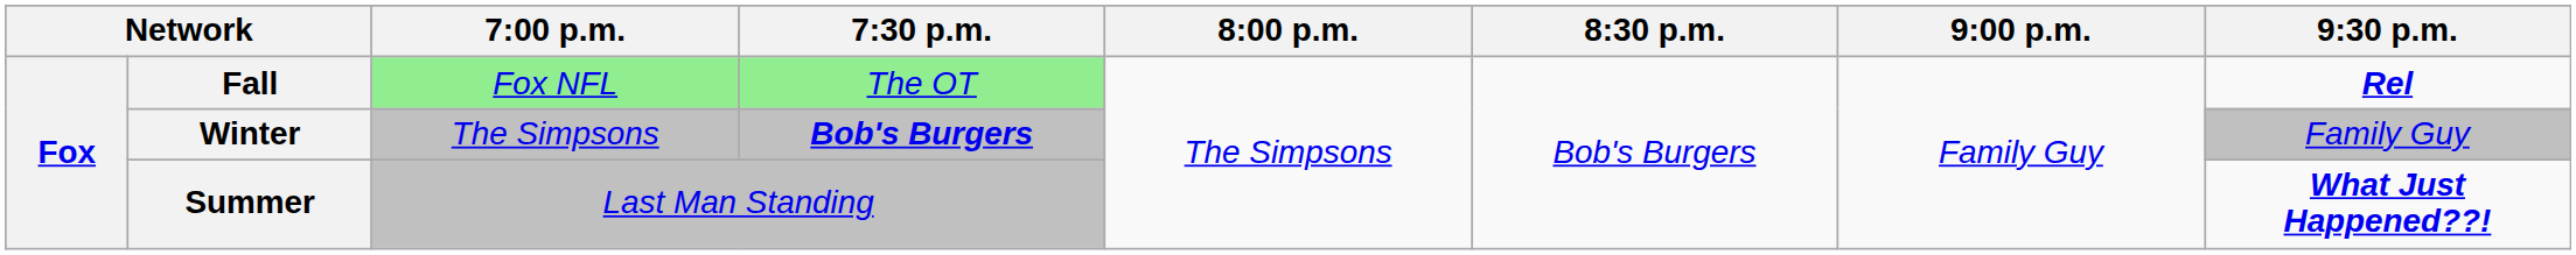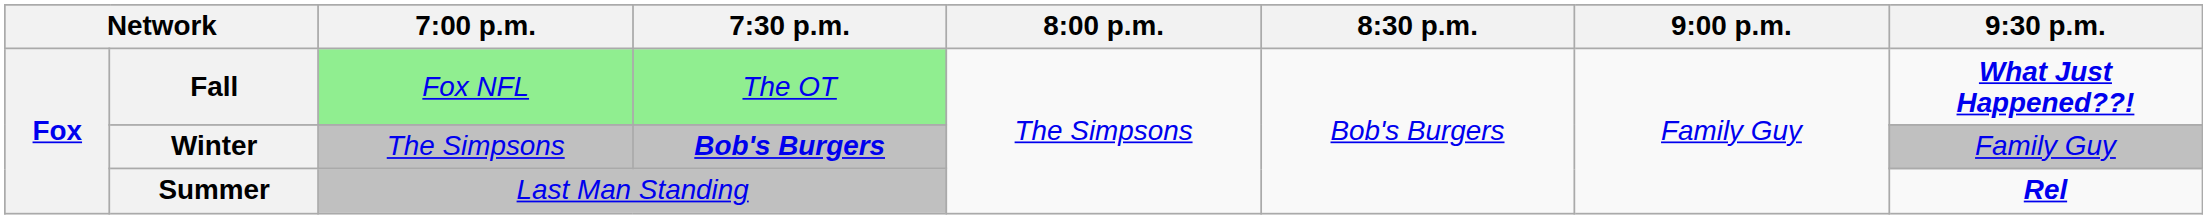 <table class="wikitable sortable" style="width:100%;margin-right:0;text-align:center">
 <tr>
 <th colspan="2" style="width:11.5%;">Network</th>
 <th style="width:11.5%;">7:00 p.m.</th>
 <th style="width:11.5%;">7:30 p.m.</th>
 <th style="width:11.5%;">8:00 p.m.</th>
 <th style="width:11.5%;">8:30 p.m.</th>
 <th style="width:11.5%;">9:00 p.m.</th>
 <th style="width:11.5%;">9:30 p.m.</th>
 </tr>
 <tr>
 <th rowspan="4"><a href='#'>Fox</a></th>
 <th>Fall</th>
 <td style="background:lightgreen"><em><a href='#'>Fox NFL</a></em></td>
 <td style="background:lightgreen"><em><a href='#'>The OT</a></em></td>
 <td rowspan="3"><em><a href='#'>The Simpsons</a></em></td>
 <td rowspan="3"><em><a href='#'>Bob's Burgers</a></em></td>
 <td rowspan="3"><em><a href='#'>Family Guy</a></em></td>
-<td><strong><em><a href='#'>Rel</a></em></strong></td>
+<td><strong><em><a href='#'>What Just Happened??!</a></em></strong></td>
 </tr>
 <tr>
 <th>Winter</th>
 <td style="background:#C0C0C0;"><em><a href='#'>The Simpsons</a></em> </td>
 <td style="background:#C0C0C0;"><strong><em><a href='#'>Bob's Burgers</a></em> </strong></td>
 <td style="background:#C0C0C0;"><em><a href='#'>Family Guy</a></em> </td>
 </tr>
 <tr>
 <th>Summer</th>
 <td style="background:#C0C0C0;" colspan="2"><em><a href='#'>Last Man Standing</a></em> </td>
-<td><strong><em><a href='#'>What Just Happened??!</a></em></strong></td>
+<td><strong><em><a href='#'>Rel</a></em></strong></td>
 </tr>
 </table>
